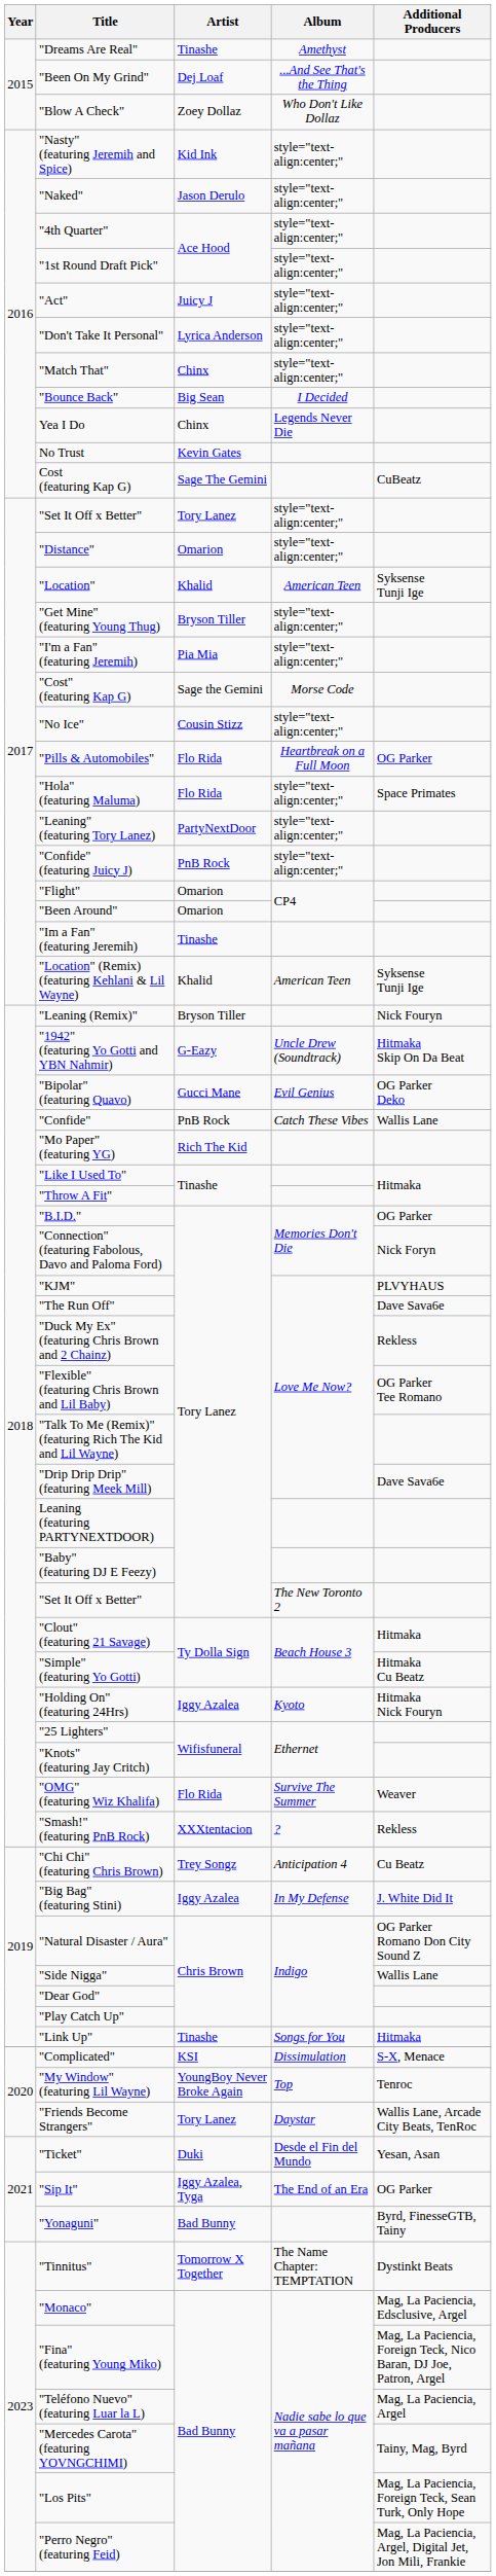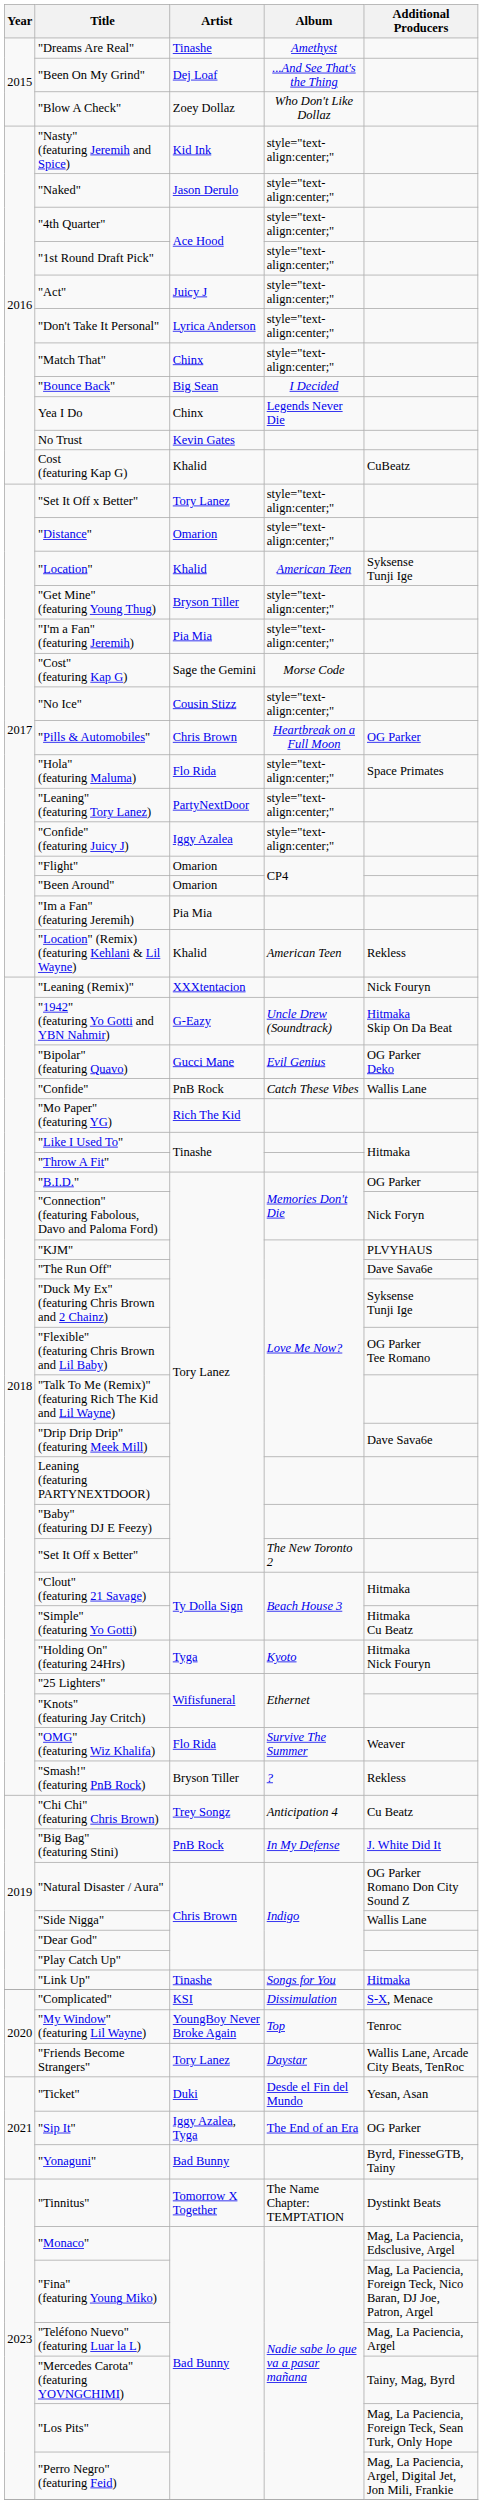 <table class="wikitable sortable">
 <tr>
 <th>Year</th>
 <th>Title</th>
 <th>Artist</th>
 <th>Album</th>
 <th>Additional Producers</th>
 </tr>
 <tr>
 <td rowspan="3">2015</td>
 <td>"Dreams Are Real"</td>
 <td><a href='#'>Tinashe</a></td>
 <td style="text-align:center;"><em><a href='#'>Amethyst</a></em></td>
 </tr>
 <tr>
 <td>"Been On My Grind"</td>
 <td><a href='#'>Dej Loaf</a></td>
 <td style="text-align:center;"><em><a href='#'>...And See That's the Thing</a></em></td>
 <td></td>
 </tr>
 <tr>
 <td>"Blow A Check"</td>
 <td>Zoey Dollaz</td>
 <td style="text-align:center;"><em>Who Don't Like Dollaz</em></td>
 <td></td>
 </tr>
 <tr>
 <td rowspan="11">2016</td>
 <td>"Nasty"<br><span>(featuring <a href='#'>Jeremih</a> and <a href='#'>Spice</a>)</span></td>
 <td><a href='#'>Kid Ink</a></td>
 <td>style="text-align:center;" </td>
 <td></td>
 </tr>
 <tr>
 <td>"Naked"</td>
 <td><a href='#'>Jason Derulo</a></td>
 <td>style="text-align:center;" </td>
 <td></td>
 </tr>
 <tr>
 <td>"4th Quarter"</td>
 <td rowspan = "2"><a href='#'>Ace Hood</a></td>
 <td>style="text-align:center;" </td>
 <td></td>
 </tr>
 <tr>
 <td>"1st Round Draft Pick"</td>
 <td>style="text-align:center;" </td>
 <td></td>
 </tr>
 <tr>
 <td>"Act"</td>
 <td><a href='#'>Juicy J</a></td>
 <td>style="text-align:center;" </td>
 <td></td>
 </tr>
 <tr>
 <td>"Don't Take It Personal"</td>
 <td><a href='#'>Lyrica Anderson</a></td>
 <td>style="text-align:center;" </td>
 <td></td>
 </tr>
 <tr>
 <td>"Match That"</td>
 <td><a href='#'>Chinx</a></td>
 <td>style="text-align:center;" </td>
 <td></td>
 </tr>
 <tr>
 <td>"<a href='#'>Bounce Back</a>"</td>
 <td><a href='#'>Big Sean</a></td>
 <td style="text-align:center;"><em><a href='#'>I Decided</a></em></td>
 <td></td>
 </tr>
 <tr>
 <td>Yea I Do</td>
 <td>Chinx</td>
 <td><a href='#'>Legends Never Die</a></td>
 <td></td>
 </tr>
 <tr>
 <td>No Trust</td>
 <td><a href='#'>Kevin Gates</a></td>
 <td></td>
 <td></td>
 </tr>
 <tr>
 <td>Cost<br>(featuring Kap G)</td>
-<td><a href='#'>Sage The Gemini</a></td>
+<td>Khalid</td>
 <td></td>
 <td>CuBeatz</td>
 </tr>
 <tr>
 <td rowspan="15">2017</td>
 <td>"Set It Off x Better"</td>
 <td><a href='#'>Tory Lanez</a></td>
 <td>style="text-align:center;" </td>
 <td></td>
 </tr>
 <tr>
 <td>"<a href='#'>Distance</a>"</td>
 <td><a href='#'>Omarion</a></td>
 <td>style="text-align:center;" </td>
 <td></td>
 </tr>
 <tr>
 <td>"<a href='#'>Location</a>"</td>
 <td><a href='#'>Khalid</a></td>
 <td style="text-align:center;"><em><a href='#'>American Teen</a></em></td>
 <td>Syksense<br>Tunji Ige</td>
 </tr>
 <tr>
 <td>"Get Mine"<br><span>(featuring <a href='#'>Young Thug</a>)</span></td>
 <td><a href='#'>Bryson Tiller</a></td>
 <td>style="text-align:center;" </td>
 <td></td>
 </tr>
 <tr>
 <td>"I'm a Fan"<br><span>(featuring <a href='#'>Jeremih</a>)</span></td>
 <td><a href='#'>Pia Mia</a></td>
 <td>style="text-align:center;" </td>
 <td></td>
 </tr>
 <tr>
 <td>"Cost"<br><span>(featuring <a href='#'>Kap G</a>)</span></td>
 <td>Sage the Gemini</td>
 <td style="text-align:center;"><em>Morse Code</em></td>
 <td></td>
 </tr>
 <tr>
 <td>"No Ice"</td>
 <td><a href='#'>Cousin Stizz</a></td>
 <td>style="text-align:center;" </td>
 <td></td>
 </tr>
 <tr>
 <td>"<a href='#'>Pills & Automobiles</a>"</td>
-<td><a href='#'>Flo Rida</a></td>
+<td><a href='#'>Chris Brown</a></td>
 <td style="text-align:center;"><em><a href='#'>Heartbreak on a Full Moon</a></em></td>
 <td><a href='#'>OG Parker</a></td>
 </tr>
 <tr>
 <td>"Hola"<br><span>(featuring <a href='#'>Maluma</a>)</span></td>
 <td><a href='#'>Flo Rida</a></td>
 <td>style="text-align:center;" </td>
 <td>Space Primates</td>
 </tr>
 <tr>
 <td>"Leaning"<br><span>(featuring <a href='#'>Tory Lanez</a>)</span></td>
 <td><a href='#'>PartyNextDoor</a></td>
 <td>style="text-align:center;" </td>
 <td></td>
 </tr>
 <tr>
 <td>"Confide"<br><span>(featuring <a href='#'>Juicy J</a>)</span></td>
-<td><a href='#'>PnB Rock</a></td>
+<td><a href='#'>Iggy Azalea</a></td>
 <td>style="text-align:center;" </td>
 <td></td>
 </tr>
 <tr>
 <td>"Flight"</td>
 <td>Omarion</td>
 <td rowspan = "2">CP4</td>
 <td></td>
 </tr>
 <tr>
 <td>"Been Around"</td>
 <td>Omarion</td>
 <td></td>
 </tr>
 <tr>
 <td>"Im a Fan"<br>(featuring Jeremih)</td>
-<td><a href='#'>Tinashe</a></td>
+<td>Pia Mia</td>
 <td></td>
 <td></td>
 </tr>
 <tr>
 <td>"<a href='#'>Location</a>" (Remix)<br>(featuring <a href='#'>Kehlani</a> & <a href='#'>Lil Wayne</a>)</td>
 <td>Khalid</td>
 <td><em>American Teen</em></td>
-<td>Syksense<br>Tunji Ige</td>
+<td>Rekless</td>
 </tr>
 <tr>
 <td rowspan="25">2018</td>
 <td>"Leaning (Remix)"</td>
-<td>Bryson Tiller</td>
+<td><a href='#'>XXXtentacion</a></td>
 <td></td>
 <td>Nick Fouryn</td>
 </tr>
 <tr>
 <td>"<a href='#'>1942</a>"<br>(featuring <a href='#'>Yo Gotti</a> and <a href='#'>YBN Nahmir</a>)</td>
 <td><a href='#'>G-Eazy</a></td>
 <td><em><a href='#'>Uncle Drew</a> (Soundtrack)</em></td>
 <td><a href='#'>Hitmaka</a><br>Skip On Da Beat</td>
 </tr>
 <tr>
 <td>"Bipolar"<br>(featuring <a href='#'>Quavo</a>)</td>
 <td><a href='#'>Gucci Mane</a></td>
 <td><a href='#'><em>Evil Genius</em></a></td>
 <td>OG Parker<br><a href='#'>Deko</a></td>
 </tr>
 <tr>
 <td>"Confide"</td>
 <td>PnB Rock</td>
 <td><em>Catch These Vibes</em></td>
 <td>Wallis Lane</td>
 </tr>
 <tr>
 <td>"Mo Paper"<br>(featuring <a href='#'>YG</a>)</td>
 <td><a href='#'>Rich The Kid</a></td>
 <td></td>
 <td></td>
 </tr>
 <tr>
 <td>"<a href='#'>Like I Used To</a>"</td>
 <td rowspan = "2">Tinashe</td>
 <td></td>
 <td rowspan = "2">Hitmaka</td>
 </tr>
 <tr>
 <td>"<a href='#'>Throw A Fit</a>"</td>
 <td></td>
 </tr>
 <tr>
 <td>"<a href='#'>B.I.D.</a>"</td>
 <td rowspan = "11">Tory Lanez</td>
 <td rowspan="2"><em><a href='#'>Memories Don't Die</a></em></td>
 <td>OG Parker</td>
 </tr>
 <tr>
 <td>"Connection"<br>(featuring Fabolous, Davo and Paloma Ford)</td>
 <td>Nick Foryn</td>
 </tr>
 <tr>
 <td>"KJM"</td>
 <td rowspan = "6"><em><a href='#'>Love Me Now?</a></em></td>
 <td>PLVYHAUS</td>
 </tr>
 <tr>
 <td>"The Run Off"</td>
 <td>Dave Sava6e</td>
 </tr>
 <tr>
 <td>"Duck My Ex"<br>(featuring Chris Brown and <a href='#'>2 Chainz</a>)</td>
-<td>Rekless</td>
+<td>Syksense<br>Tunji Ige</td>
 </tr>
 <tr>
 <td>"Flexible"<br>(featuring Chris Brown and <a href='#'>Lil Baby</a>)</td>
 <td>OG Parker<br>Tee Romano</td>
 </tr>
 <tr>
 <td>"Talk To Me (Remix)"<br>(featuring Rich The Kid and <a href='#'>Lil Wayne</a>)</td>
 <td></td>
 </tr>
 <tr>
 <td>"Drip Drip Drip"<br>(featuring <a href='#'>Meek Mill</a>)</td>
 <td>Dave Sava6e</td>
 </tr>
 <tr>
 <td>Leaning<br>(featuring PARTYNEXTDOOR)</td>
 <td></td>
 <td></td>
 </tr>
 <tr>
 <td>"Baby"<br>(featuring DJ E Feezy)</td>
 <td></td>
 <td></td>
 </tr>
 <tr>
 <td>"Set It Off x Better"</td>
 <td><em>The New Toronto 2</em></td>
 <td></td>
 </tr>
 <tr>
 <td>"Clout"<br>(featuring <a href='#'>21 Savage</a>)</td>
 <td rowspan = "2"><a href='#'>Ty Dolla Sign</a></td>
 <td rowspan = "2"><em><a href='#'>Beach House 3</a></em></td>
 <td>Hitmaka</td>
 </tr>
 <tr>
 <td>"Simple"<br>(featuring <a href='#'>Yo Gotti</a>)</td>
 <td>Hitmaka<br>Cu Beatz</td>
 </tr>
 <tr>
 <td>"Holding On"<br>(featuring 24Hrs)</td>
-<td><a href='#'>Iggy Azalea</a></td>
+<td><a href='#'>Tyga</a></td>
 <td><em><a href='#'>Kyoto</a></em></td>
 <td>Hitmaka<br>Nick Fouryn</td>
 </tr>
 <tr>
 <td>"25 Lighters"</td>
 <td rowspan = "2"><a href='#'>Wifisfuneral</a></td>
 <td rowspan = "2"><em>Ethernet</em></td>
 <td></td>
 </tr>
 <tr>
 <td>"Knots"<br>(featuring Jay Critch)</td>
 <td></td>
 </tr>
 <tr>
 <td>"<a href='#'>OMG</a>"<br>(featuring <a href='#'>Wiz Khalifa</a>)</td>
 <td><a href='#'>Flo Rida</a></td>
 <td><em><a href='#'>Survive The Summer</a></em></td>
 <td>Weaver</td>
 </tr>
 <tr>
 <td>"Smash!"<br>(featuring <a href='#'>PnB Rock</a>)</td>
-<td><a href='#'>XXXtentacion</a></td>
+<td>Bryson Tiller</td>
 <td><em><a href='#'>?</a></em></td>
 <td>Rekless</td>
 </tr>
 <tr>
 <td rowspan = "7">2019</td>
 <td>"Chi Chi"<br>(featuring <a href='#'>Chris Brown</a>)</td>
 <td><a href='#'>Trey Songz</a></td>
 <td><em>Anticipation 4</em></td>
 <td>Cu Beatz</td>
 </tr>
 <tr>
 <td>"Big Bag"<br>(featuring Stini)</td>
-<td><a href='#'>Iggy Azalea</a></td>
+<td><a href='#'>PnB Rock</a></td>
 <td><em><a href='#'>In My Defense</a></em></td>
 <td><a href='#'>J. White Did It</a></td>
 </tr>
 <tr>
 <td>"Natural Disaster / Aura"</td>
 <td rowspan = "4"><a href='#'>Chris Brown</a></td>
 <td rowspan = "4"><em><a href='#'>Indigo</a></em></td>
 <td>OG Parker<br>Romano Don City Sound Z</td>
 </tr>
 <tr>
 <td>"Side Nigga"</td>
 <td>Wallis Lane</td>
 </tr>
 <tr>
 <td>"Dear God"</td>
 <td></td>
 </tr>
 <tr>
 <td>"Play Catch Up"</td>
 <td></td>
 </tr>
 <tr>
 <td>"Link Up"</td>
 <td><a href='#'>Tinashe</a></td>
 <td><em><a href='#'>Songs for You</a></em></td>
 <td><a href='#'>Hitmaka</a></td>
 </tr>
 <tr>
 </tr>
 <tr>
 <td rowspan="3">2020</td>
 <td>"Complicated"</td>
 <td><a href='#'>KSI</a></td>
 <td><a href='#'><em>Dissimulation</em></a></td>
 <td><a href='#'>S-X</a>, Menace</td>
 </tr>
 <tr>
 <td>"<a href='#'>My Window</a>"<br><span>(featuring <a href='#'>Lil Wayne</a>)</span></td>
 <td><a href='#'>YoungBoy Never Broke Again</a></td>
 <td><em><a href='#'>Top</a></em></td>
 <td>Tenroc</td>
 </tr>
 <tr>
 <td>"Friends Become Strangers"</td>
 <td><a href='#'>Tory Lanez</a></td>
 <td><em><a href='#'>Daystar</a></em></td>
 <td>Wallis Lane, Arcade City Beats, TenRoc</td>
 </tr>
 <tr>
 <td rowspan="3">2021</td>
 <td>"Ticket"</td>
 <td><a href='#'>Duki</a></td>
 <td><a href='#'>Desde el Fin del Mundo</a></td>
 <td>Yesan, Asan</td>
 </tr>
 <tr>
 <td>"<a href='#'>Sip It</a>"</td>
 <td><a href='#'>Iggy Azalea</a>, <a href='#'>Tyga</a></td>
 <td><a href='#'>The End of an Era</a></td>
 <td>OG Parker</td>
 </tr>
 <tr>
 <td>"<a href='#'>Yonaguni</a>"</td>
 <td><a href='#'>Bad Bunny</a></td>
 <td></td>
 <td>Byrd, FinesseGTB, Tainy</td>
 </tr>
 <tr>
 <td rowspan="7">2023</td>
 <td>"Tinnitus"</td>
 <td><a href='#'>Tomorrow X Together</a></td>
 <td>The Name Chapter: TEMPTATION</td>
 <td>Dystinkt Beats</td>
 </tr>
 <tr>
 <td>"<a href='#'>Monaco</a>"</td>
 <td rowspan = "6"><a href='#'>Bad Bunny</a></td>
 <td rowspan = "6"><em><a href='#'>Nadie sabe lo que va a pasar mañana</a></em></td>
 <td>Mag, La Paciencia, Edsclusive, Argel</td>
 </tr>
 <tr>
 <td>"Fina"<br>(featuring <a href='#'>Young Miko</a>)</td>
 <td>Mag, La Paciencia, Foreign Teck, Nico Baran, DJ Joe, Patron, Argel</td>
 </tr>
 <tr>
 <td>"Teléfono Nuevo"<br>(featuring <a href='#'>Luar la L</a>)</td>
 <td>Mag, La Paciencia, Argel</td>
 </tr>
 <tr>
 <td>"Mercedes Carota"<br>(featuring <a href='#'>YOVNGCHIMI</a>)</td>
 <td>Tainy, Mag, Byrd</td>
 </tr>
 <tr>
 <td>"Los Pits"</td>
 <td>Mag, La Paciencia, Foreign Teck, Sean Turk, Only Hope</td>
 </tr>
 <tr>
 <td>"Perro Negro"<br>(featuring <a href='#'>Feid</a>)</td>
 <td>Mag, La Paciencia, Argel, Digital Jet, Jon Mili, Frankie</td>
 </tr>
 <tr>
 </tr>
 </table>
